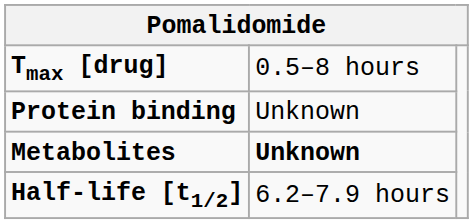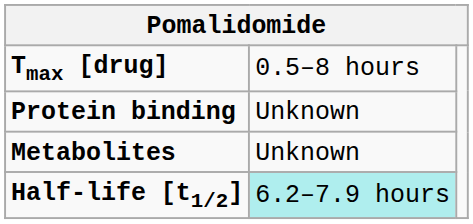 <table class="wikitable" style="margin:auto;">
 <tr>
 <th colspan="3">Pomalidomide</th>
 </tr>
 <tr>
 <td><strong>T<sub>max</sub> [drug]</strong></td>
 <td>0.5–8 hours</td>
 <td rowspan="4"></td>
 </tr>
 <tr>
 <td><strong>Protein binding</strong></td>
 <td>Unknown</td>
 </tr>
 <tr>
 <td><strong>Metabolites</strong></td>
-<td><strong>Unknown</strong></td>
+<td>Unknown</td>
 </tr>
 <tr>
 <td><strong>Half-life [t<sub>1/2</sub>]</strong></td>
-<td>6.2–7.9 hours</td>
+<td style="background: paleturquoise;">6.2–7.9 hours</td>
 </tr>
 </table>
